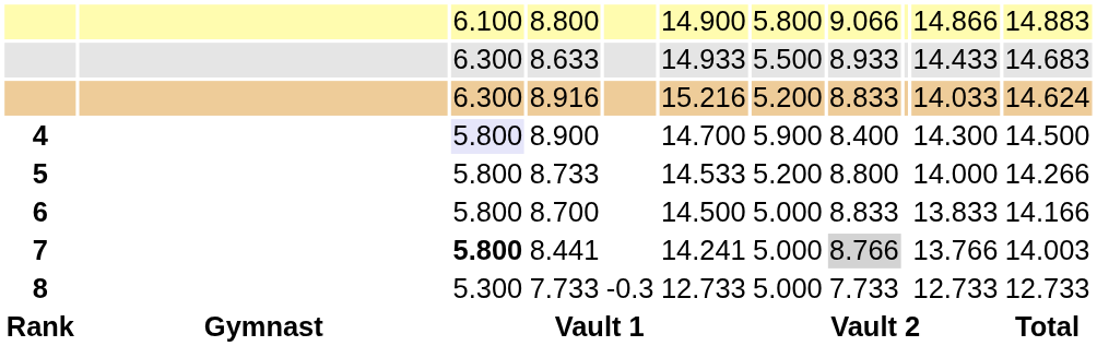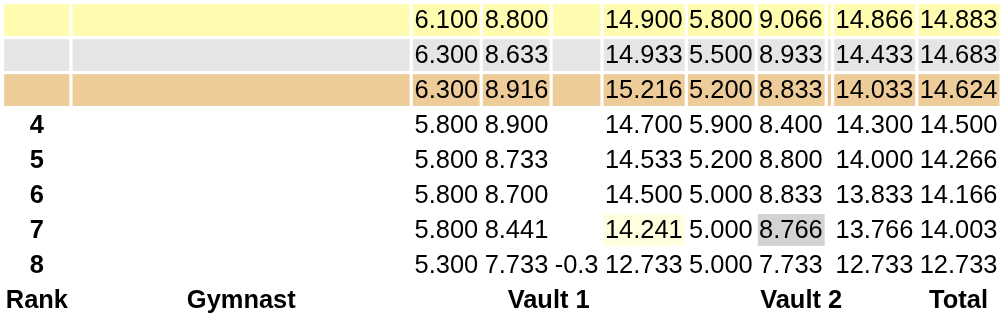 <table>
 <tr bgcolor=fffcaf>
 <th scope=row style="text-align:center"></th>
 <td align=left></td>
 <td>6.100</td>
 <td>8.800</td>
 <td></td>
 <td>14.900</td>
 <td>5.800</td>
 <td>9.066</td>
 <td></td>
 <td>14.866</td>
 <td>14.883</td>
 </tr>
 <tr bgcolor=e5e5e5>
 <th scope=row style="text-align:center"></th>
 <td align=left></td>
 <td>6.300</td>
 <td>8.633</td>
 <td></td>
 <td>14.933</td>
 <td>5.500</td>
 <td>8.933</td>
 <td></td>
 <td>14.433</td>
 <td>14.683</td>
 </tr>
 <tr bgcolor=eecc99>
 <th scope=row style="text-align:center"></th>
 <td align=left></td>
 <td>6.300</td>
 <td>8.916</td>
 <td></td>
 <td>15.216</td>
 <td>5.200</td>
 <td>8.833</td>
 <td></td>
 <td>14.033</td>
 <td>14.624</td>
 </tr>
 <tr>
 <th scope=row style="text-align:center">4</th>
 <td align=left></td>
-<td style="background: lavender;">5.800</td>
+<td>5.800</td>
 <td>8.900</td>
 <td></td>
 <td>14.700</td>
 <td>5.900</td>
 <td>8.400</td>
 <td></td>
 <td>14.300</td>
 <td>14.500</td>
 </tr>
 <tr>
 <th scope=row style="text-align:center">5</th>
 <td align=left></td>
 <td>5.800</td>
 <td>8.733</td>
 <td></td>
 <td>14.533</td>
 <td>5.200</td>
 <td>8.800</td>
 <td></td>
 <td>14.000</td>
 <td>14.266</td>
 </tr>
 <tr>
 <th scope=row style="text-align:center">6</th>
 <td align=left></td>
 <td>5.800</td>
 <td>8.700</td>
 <td></td>
 <td>14.500</td>
 <td>5.000</td>
 <td>8.833</td>
 <td></td>
 <td>13.833</td>
 <td>14.166</td>
 </tr>
 <tr>
 <th scope=row style="text-align:center">7</th>
 <td align=left></td>
-<td><strong>5.800</strong></td>
+<td>5.800</td>
 <td>8.441</td>
 <td></td>
-<td>14.241</td>
+<td style="background: lightyellow;">14.241</td>
 <td>5.000</td>
 <td style="background: lightgrey;">8.766</td>
 <td></td>
 <td>13.766</td>
 <td>14.003</td>
 </tr>
 <tr>
 <th scope=row style="text-align:center">8</th>
 <td align=left></td>
 <td>5.300</td>
 <td>7.733</td>
 <td>-0.3</td>
 <td>12.733</td>
 <td>5.000</td>
 <td>7.733</td>
 <td></td>
 <td>12.733</td>
 <td>12.733</td>
 </tr>
 <tr class="sortbottom">
 <th scope=col>Rank</th>
 <th scope=col width="210">Gymnast</th>
 <th scope=col colspan="4">Vault 1</th>
 <th scope=col colspan="4">Vault 2</th>
 <th scope=col>Total</th>
 </tr>
 </table>
